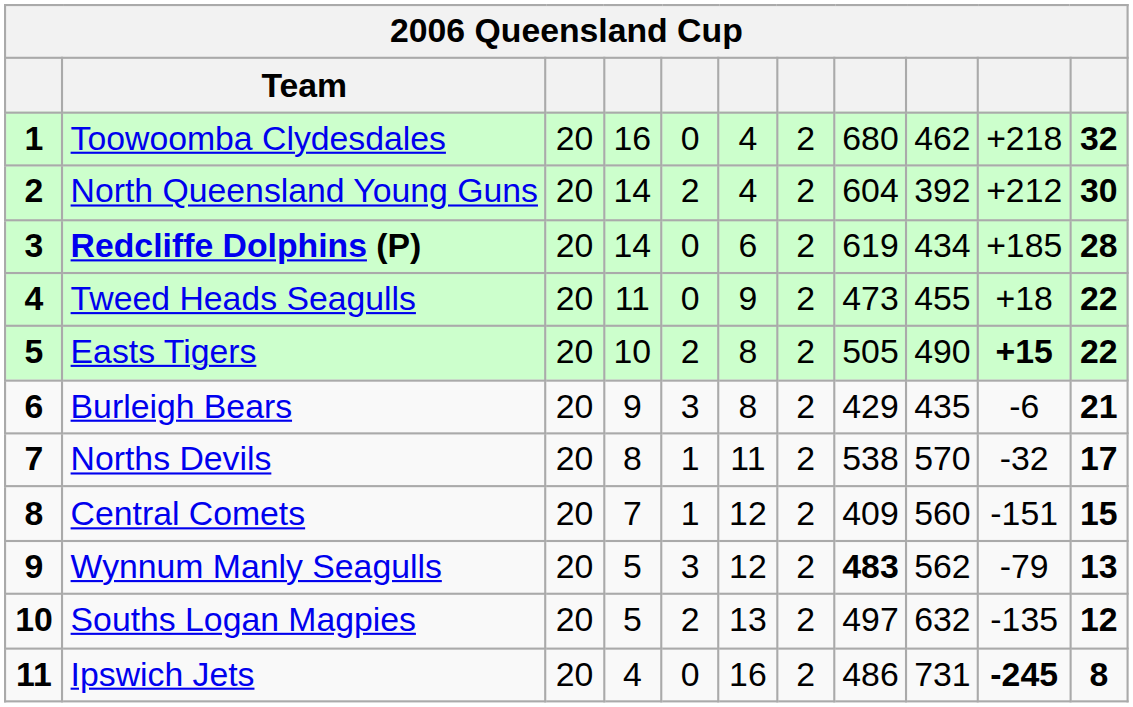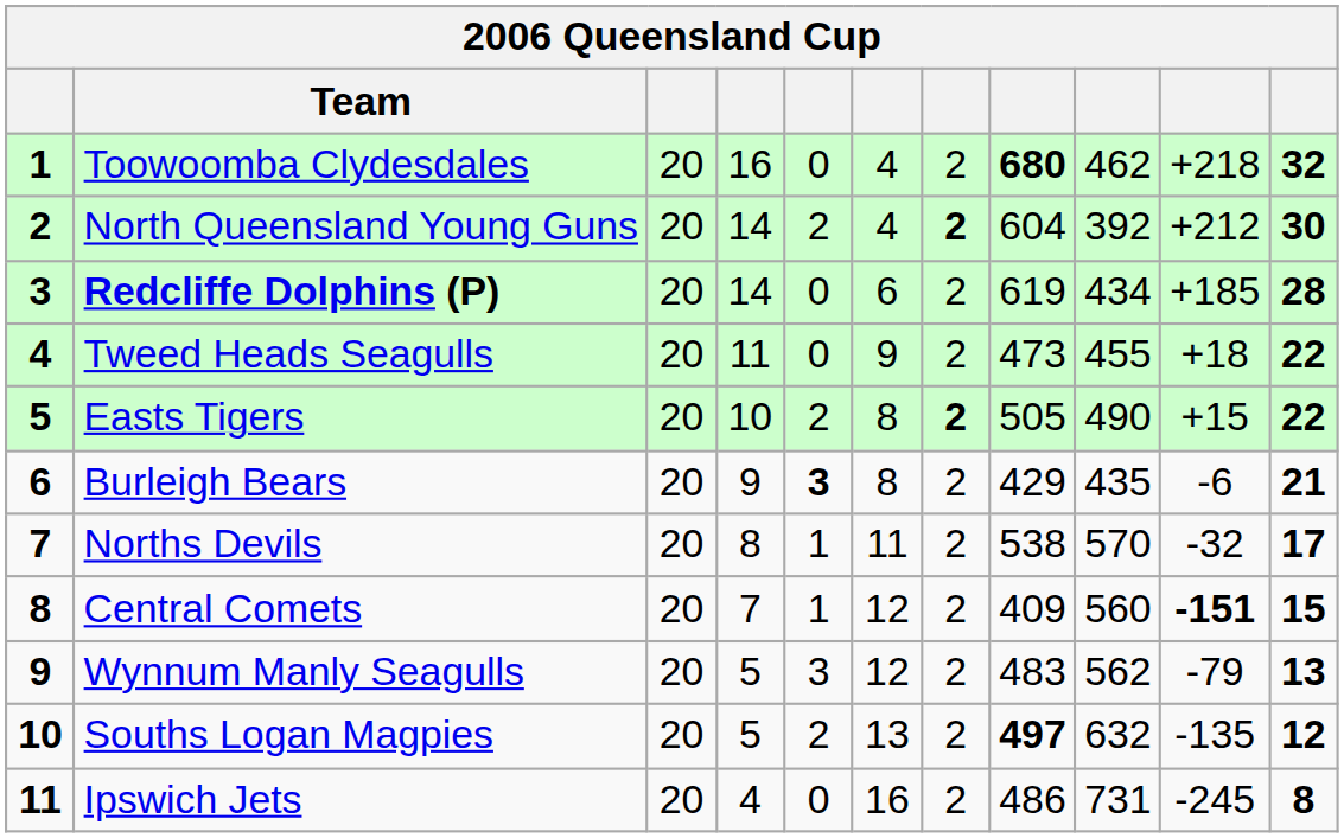 <table class="wikitable" style="text-align:center;">
 <tr>
 <th colspan="11">2006 Queensland Cup</th>
 </tr>
 <tr>
 <th width="20"></th>
 <th>Team</th>
 <th width="20"></th>
 <th width="20"></th>
 <th width="20"></th>
 <th width="20"></th>
 <th width="20"></th>
 <th width="25"></th>
 <th width="25"></th>
 <th width="30"></th>
 <th width="20"></th>
 </tr>
 <tr style="background: #ccffcc;">
 <td><strong>1</strong></td>
 <td style="text-align:left;"> <a href='#'>Toowoomba Clydesdales</a></td>
 <td>20</td>
 <td>16</td>
 <td>0</td>
 <td>4</td>
 <td>2</td>
-<td>680</td>
+<td><strong>680</strong></td>
 <td>462</td>
 <td>+218</td>
 <td><strong>32</strong></td>
 </tr>
 <tr style="background: #ccffcc;">
 <td><strong>2</strong></td>
 <td style="text-align:left;"> <a href='#'>North Queensland Young Guns</a></td>
 <td>20</td>
 <td>14</td>
 <td>2</td>
 <td>4</td>
-<td>2</td>
+<td><strong>2</strong></td>
 <td>604</td>
 <td>392</td>
 <td>+212</td>
 <td><strong>30</strong></td>
 </tr>
 <tr style="background: #ccffcc;">
 <td><strong>3</strong></td>
 <td style="text-align:left;"> <strong><a href='#'>Redcliffe Dolphins</a> (P)</strong></td>
 <td>20</td>
 <td>14</td>
 <td>0</td>
 <td>6</td>
 <td>2</td>
 <td>619</td>
 <td>434</td>
 <td>+185</td>
 <td><strong>28</strong></td>
 </tr>
 <tr style="background: #ccffcc;">
 <td><strong>4</strong></td>
 <td style="text-align:left;"> <a href='#'>Tweed Heads Seagulls</a></td>
 <td>20</td>
 <td>11</td>
 <td>0</td>
 <td>9</td>
 <td>2</td>
 <td>473</td>
 <td>455</td>
 <td>+18</td>
 <td><strong>22</strong></td>
 </tr>
 <tr style="background: #ccffcc;">
 <td><strong>5</strong></td>
 <td style="text-align:left;"> <a href='#'>Easts Tigers</a></td>
 <td>20</td>
 <td>10</td>
 <td>2</td>
 <td>8</td>
-<td>2</td>
+<td><strong>2</strong></td>
 <td>505</td>
 <td>490</td>
-<td><strong>+15</strong></td>
+<td>+15</td>
 <td><strong>22</strong></td>
 </tr>
 <tr style="background:">
 <td><strong>6</strong></td>
 <td style="text-align:left;"> <a href='#'>Burleigh Bears</a></td>
 <td>20</td>
 <td>9</td>
-<td>3</td>
+<td><strong>3</strong></td>
 <td>8</td>
 <td>2</td>
 <td>429</td>
 <td>435</td>
 <td>-6</td>
 <td><strong>21</strong></td>
 </tr>
 <tr style="background:">
 <td><strong>7</strong></td>
 <td style="text-align:left;"> <a href='#'>Norths Devils</a></td>
 <td>20</td>
 <td>8</td>
 <td>1</td>
 <td>11</td>
 <td>2</td>
 <td>538</td>
 <td>570</td>
 <td>-32</td>
 <td><strong>17</strong></td>
 </tr>
 <tr style="background:">
 <td><strong>8</strong></td>
 <td style="text-align:left;"> <a href='#'>Central Comets</a></td>
 <td>20</td>
 <td>7</td>
 <td>1</td>
 <td>12</td>
 <td>2</td>
 <td>409</td>
 <td>560</td>
-<td>-151</td>
+<td><strong>-151</strong></td>
 <td><strong>15</strong></td>
 </tr>
 <tr style="background:">
 <td><strong>9</strong></td>
 <td style="text-align:left;"> <a href='#'>Wynnum Manly Seagulls</a></td>
 <td>20</td>
 <td>5</td>
 <td>3</td>
 <td>12</td>
 <td>2</td>
-<td><strong>483</strong></td>
+<td>483</td>
 <td>562</td>
 <td>-79</td>
 <td><strong>13</strong></td>
 </tr>
 <tr style="background:">
 <td><strong>10</strong></td>
 <td style="text-align:left;"> <a href='#'>Souths Logan Magpies</a></td>
 <td>20</td>
 <td>5</td>
 <td>2</td>
 <td>13</td>
 <td>2</td>
-<td>497</td>
+<td><strong>497</strong></td>
 <td>632</td>
 <td>-135</td>
 <td><strong>12</strong></td>
 </tr>
 <tr style="background:">
 <td><strong>11</strong></td>
 <td style="text-align:left;"> <a href='#'>Ipswich Jets</a></td>
 <td>20</td>
 <td>4</td>
 <td>0</td>
 <td>16</td>
 <td>2</td>
 <td>486</td>
 <td>731</td>
-<td><strong>-245</strong></td>
+<td>-245</td>
 <td><strong>8</strong></td>
 </tr>
 </table>
